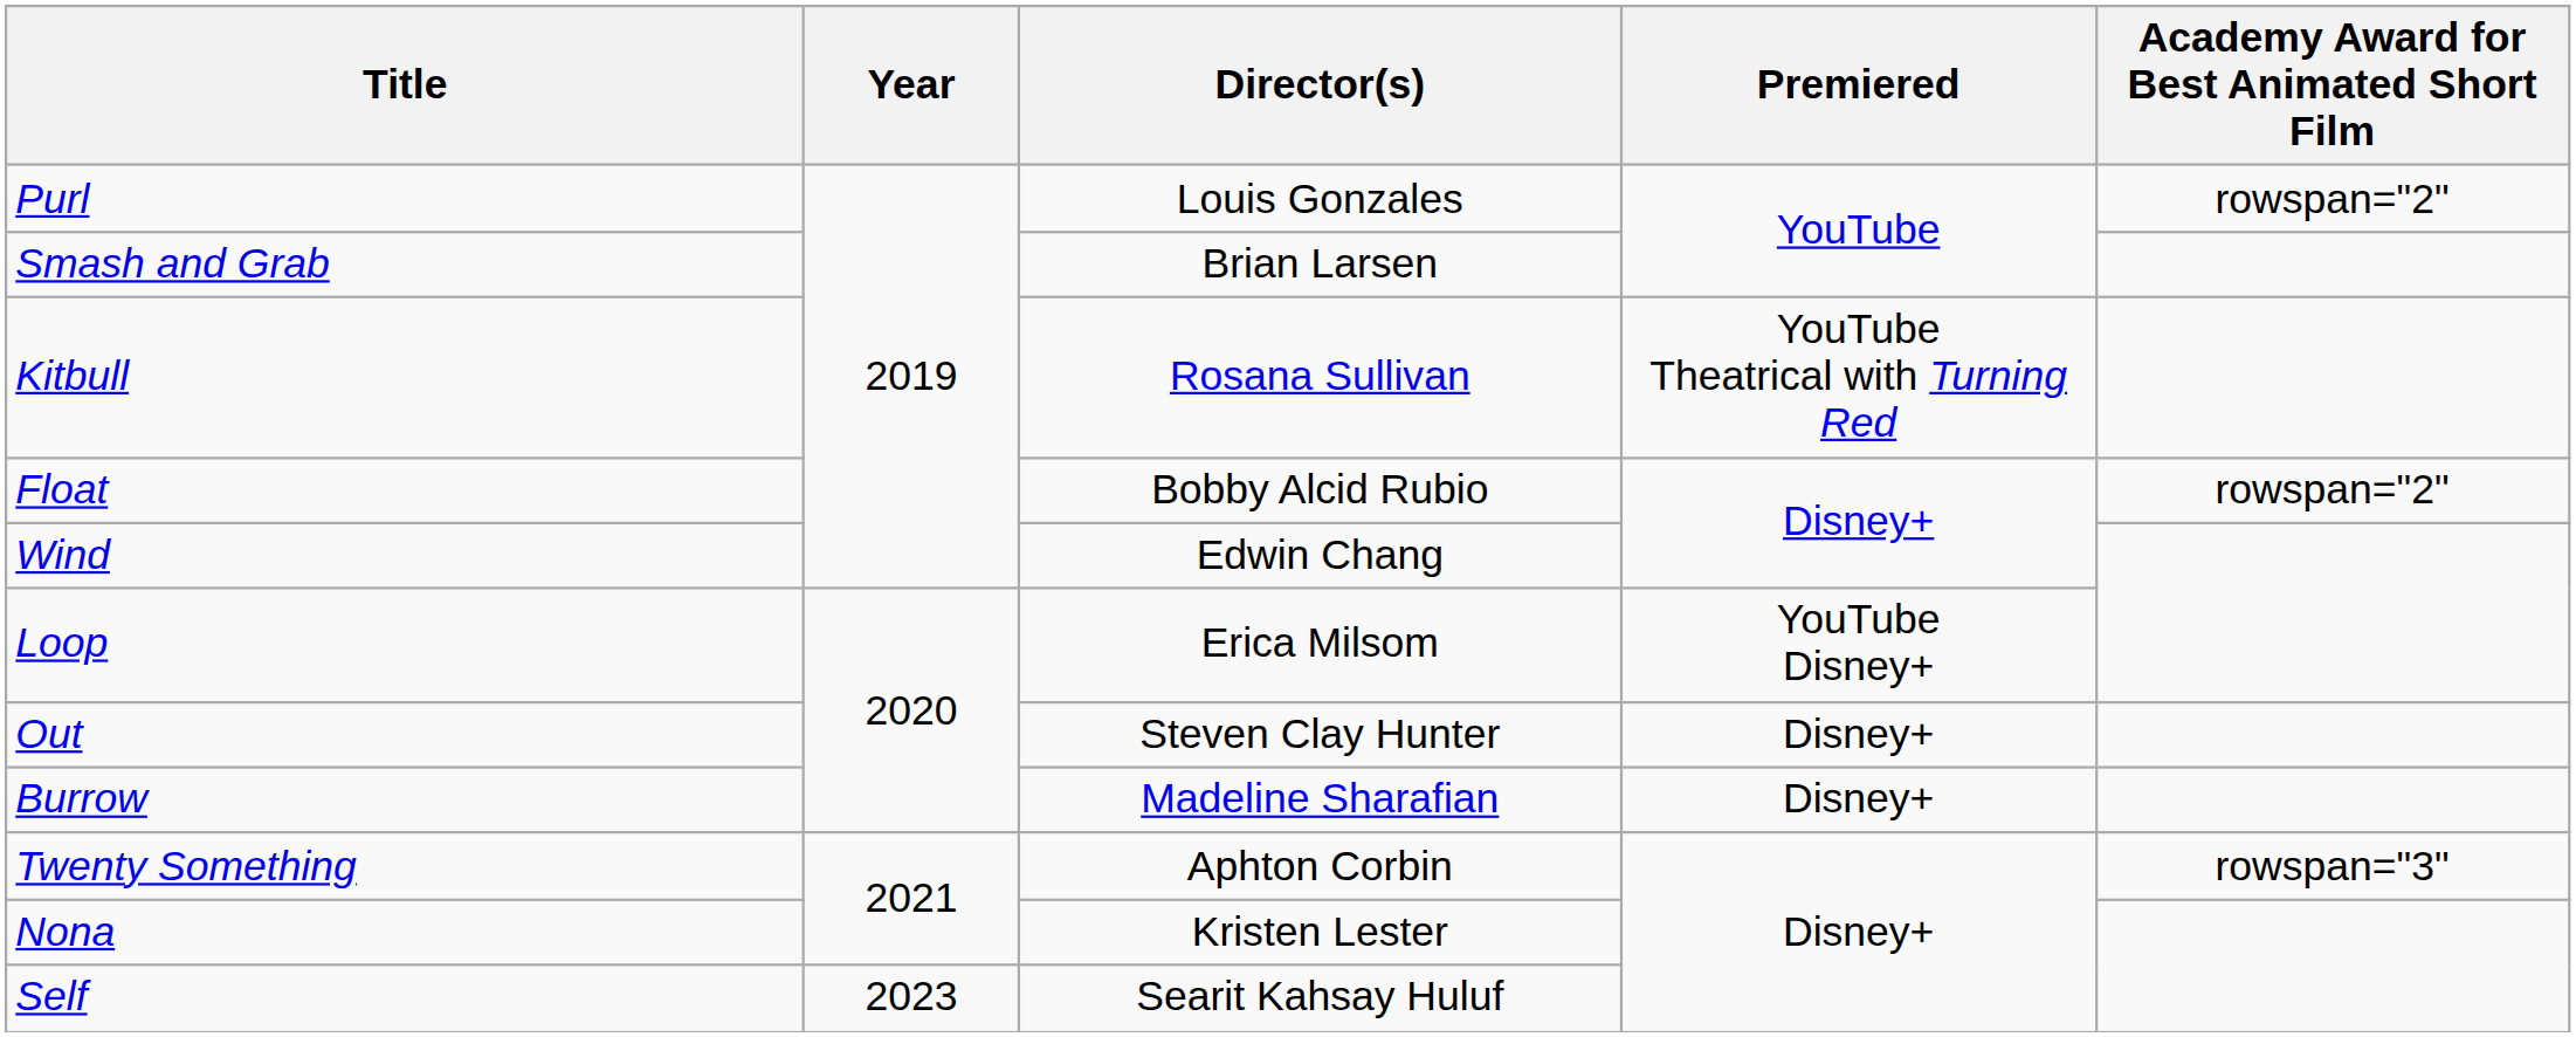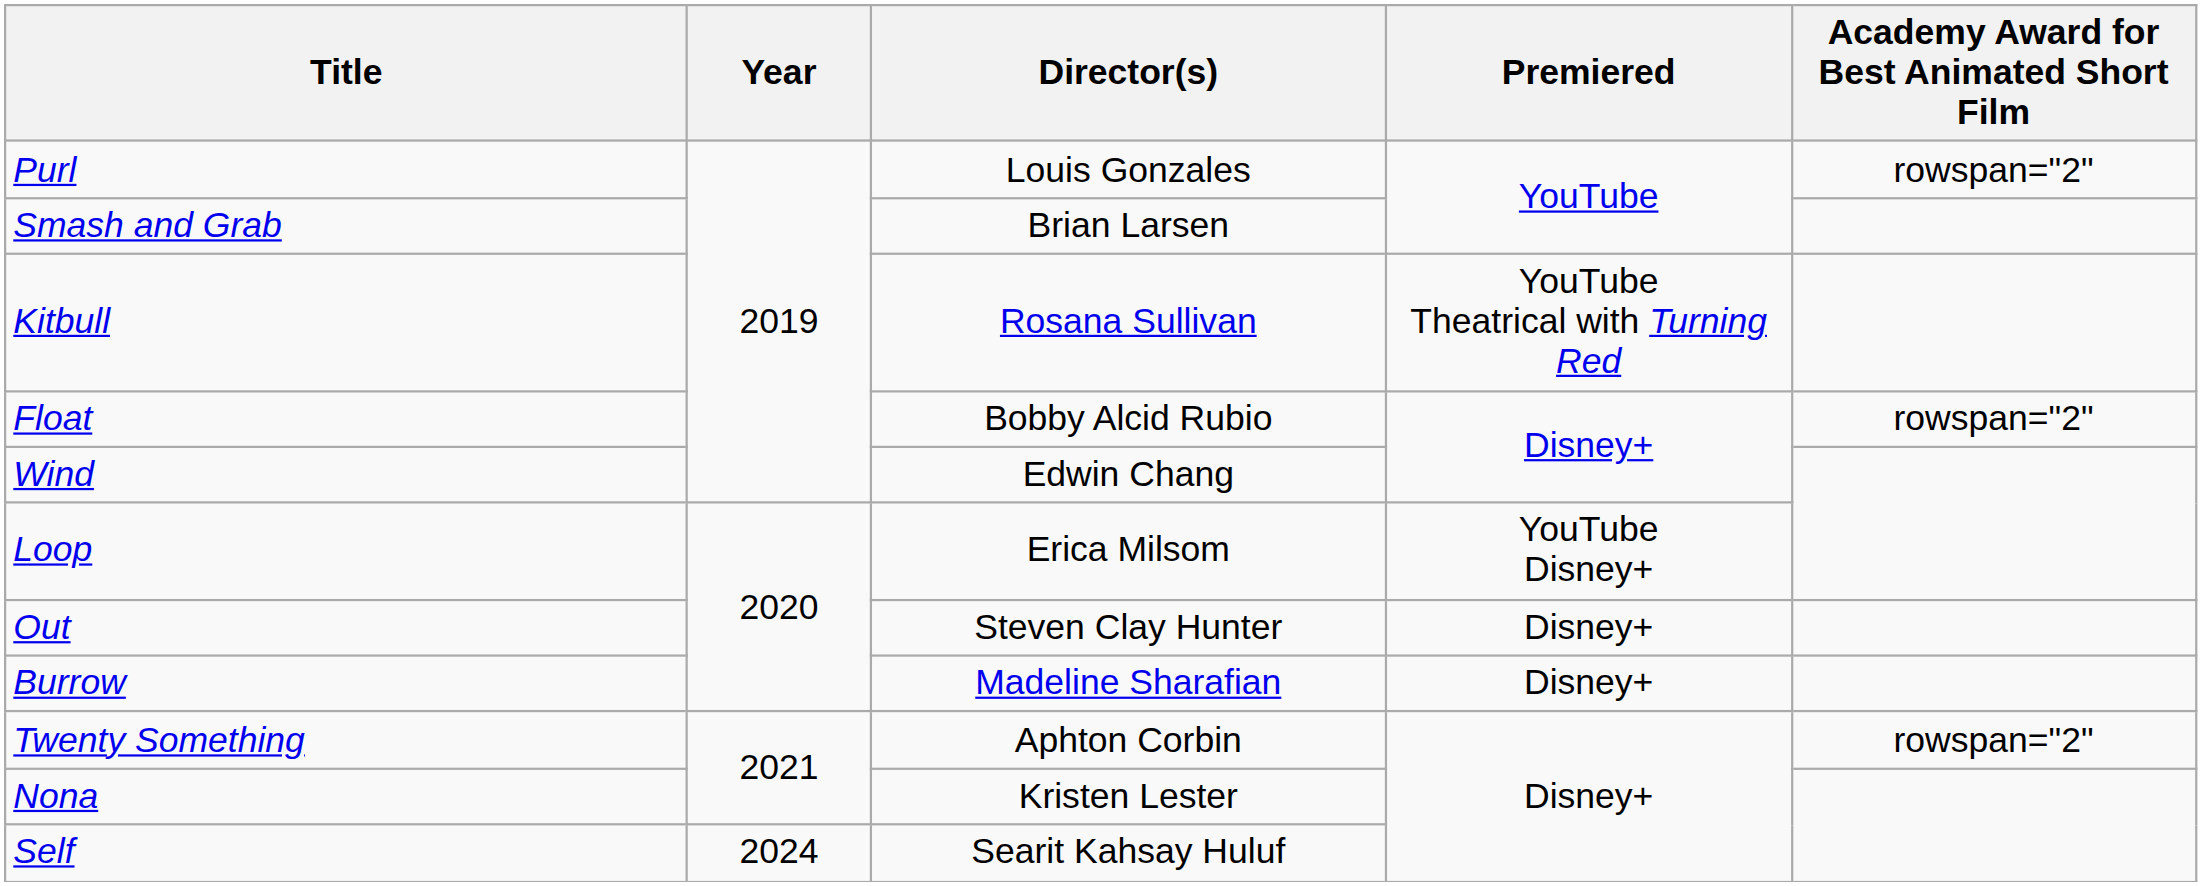 <table class="wikitable sortable" style="max-width:1000px; text-align: center;">
 <tr>
 <th width="300" scope="col">Title</th>
 <th width="75" scope="col">Year</th>
 <th width="225" scope="col">Director(s)</th>
 <th width="175" scope="col">Premiered</th>
 <th width="175" scope="col">Academy Award for Best Animated Short Film</th>
 </tr>
 <tr>
 <td align=left><em><a href='#'>Purl</a></em></td>
 <td rowspan="5">2019</td>
 <td>Louis Gonzales</td>
 <td rowspan="2"><a href='#'>YouTube</a></td>
 <td>rowspan="2" </td>
 </tr>
 <tr>
 <td align=left><em><a href='#'>Smash and Grab</a></em></td>
 <td>Brian Larsen</td>
 </tr>
 <tr>
 <td align=left><em><a href='#'>Kitbull</a></em></td>
 <td><a href='#'>Rosana Sullivan</a></td>
 <td>YouTube<br>Theatrical with <em><a href='#'>Turning Red</a></em></td>
 <td></td>
 </tr>
 <tr>
 <td align=left><em><a href='#'>Float</a></em></td>
 <td>Bobby Alcid Rubio</td>
 <td rowspan="2"><a href='#'>Disney+</a></td>
 <td>rowspan="2" </td>
 </tr>
 <tr>
 <td align=left><em><a href='#'>Wind</a></em></td>
 <td>Edwin Chang</td>
 </tr>
 <tr>
 <td align=left><em><a href='#'>Loop</a></em></td>
 <td rowspan="3">2020</td>
 <td>Erica Milsom</td>
 <td>YouTube<br>Disney+</td>
 </tr>
 <tr>
 <td align=left><em><a href='#'>Out</a></em></td>
 <td>Steven Clay Hunter</td>
 <td>Disney+</td>
 <td></td>
 </tr>
 <tr>
 <td align=left><em><a href='#'>Burrow</a></em></td>
 <td><a href='#'>Madeline Sharafian</a></td>
 <td>Disney+</td>
 <td></td>
 </tr>
 <tr>
 <td align=left><em><a href='#'>Twenty Something</a></em></td>
 <td rowspan="2">2021</td>
 <td>Aphton Corbin</td>
 <td rowspan="3">Disney+</td>
-<td>rowspan="3" </td>
+<td>rowspan="2" </td>
 </tr>
 <tr>
 <td align=left><em><a href='#'>Nona</a></em></td>
 <td>Kristen Lester</td>
 </tr>
 <tr>
 <td align=left><em><a href='#'>Self</a></em></td>
-<td>2023</td>
+<td>2024</td>
 <td>Searit Kahsay Huluf</td>
 </tr>
 </table>
